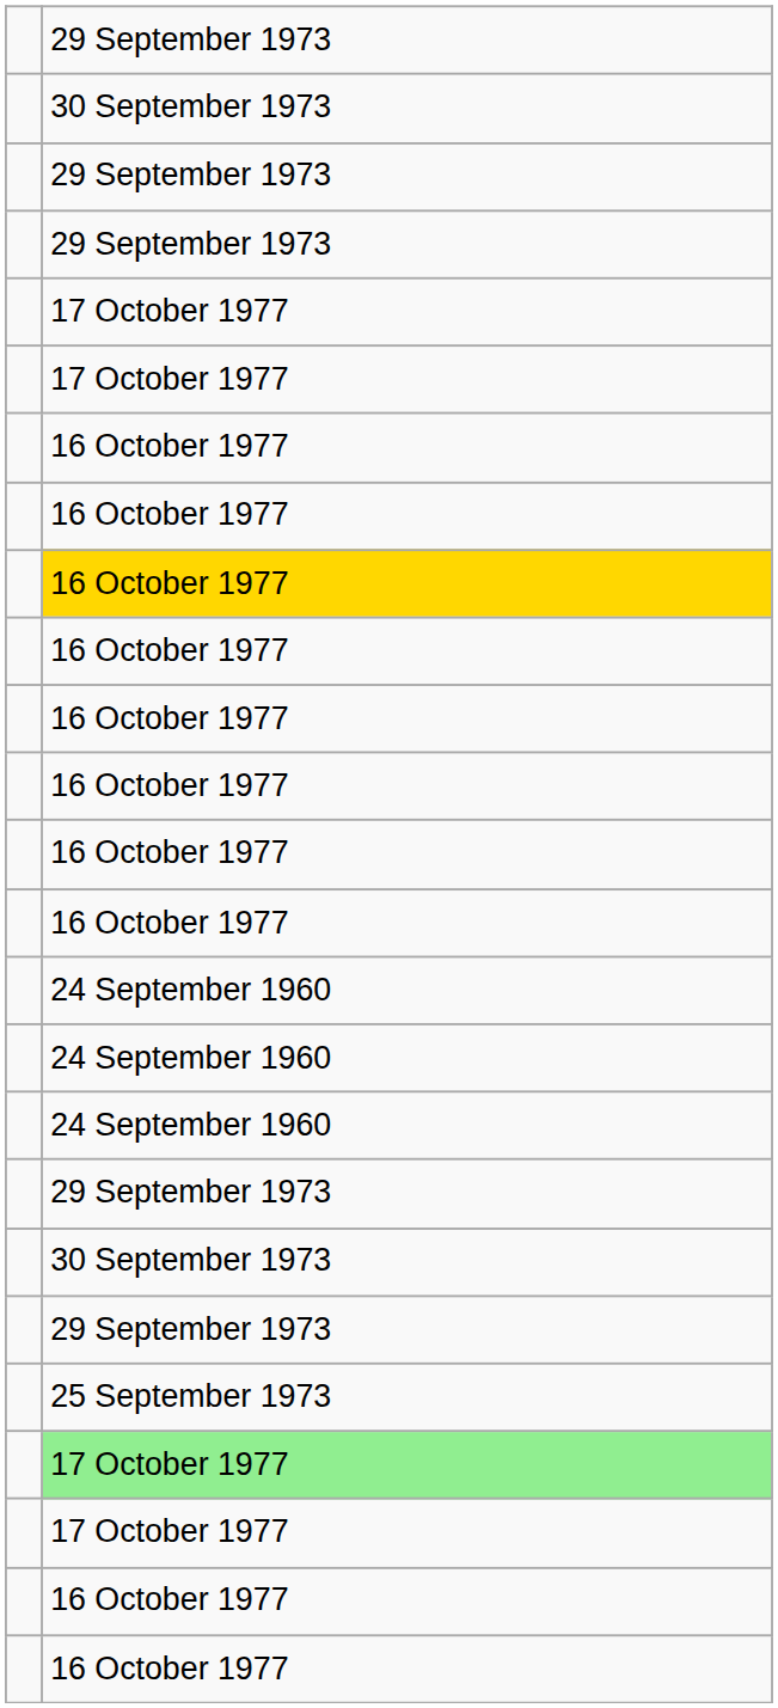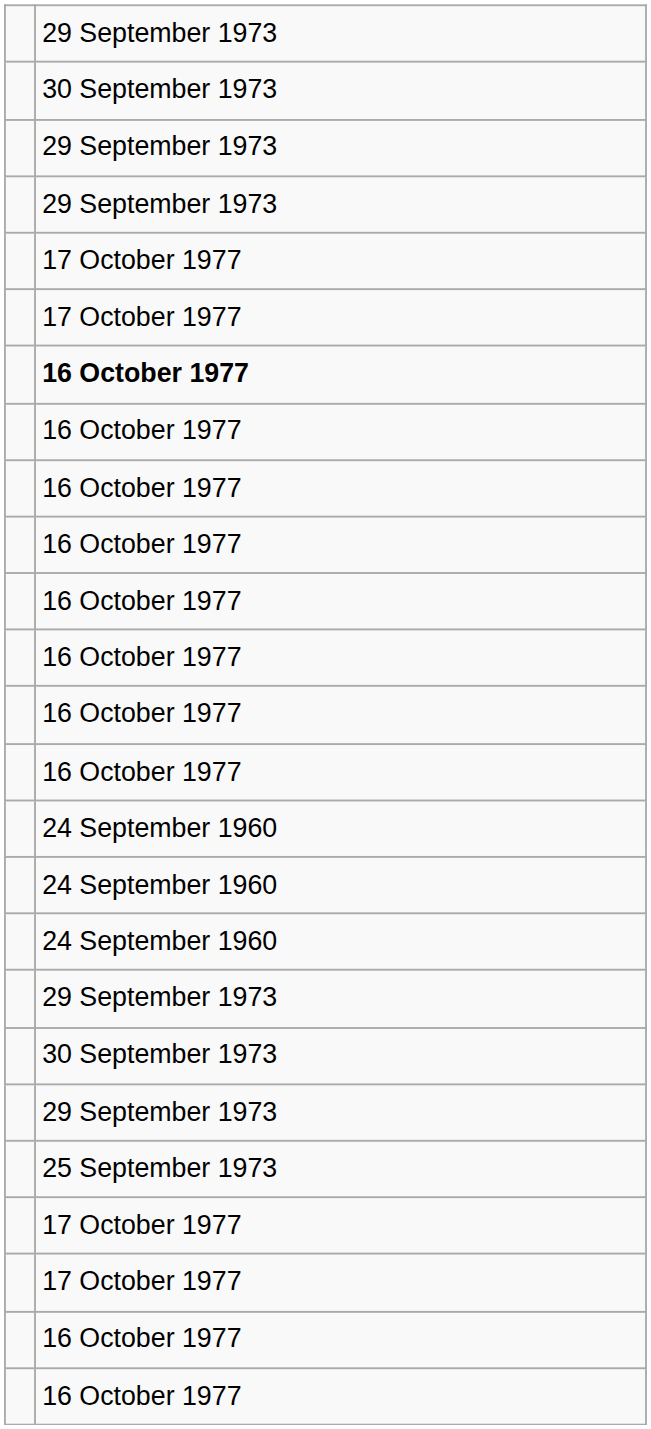 <table class="wikitable" style="font-size: 89%; float: left; width: 24em; margin-right: 1em; line-height: 1.65em">
 <tr>
 <td></td>
 <td>29 September 1973</td>
 </tr>
 <tr>
 <td></td>
 <td>30 September 1973</td>
 </tr>
 <tr>
 <td></td>
 <td>29 September 1973</td>
 </tr>
 <tr>
 <td></td>
 <td>29 September 1973</td>
 </tr>
 <tr>
 <td></td>
 <td>17 October 1977</td>
 </tr>
 <tr>
 <td></td>
 <td>17 October 1977</td>
 </tr>
 <tr>
 <td></td>
-<td>16 October 1977</td>
+<td><strong>16 October 1977</strong></td>
 </tr>
 <tr>
 <td></td>
 <td>16 October 1977</td>
 </tr>
 <tr>
 <td></td>
-<td style="background: gold;">16 October 1977</td>
+<td>16 October 1977</td>
 </tr>
 <tr>
 <td></td>
 <td>16 October 1977</td>
 </tr>
 <tr>
 <td></td>
 <td>16 October 1977</td>
 </tr>
 <tr>
 <td></td>
 <td>16 October 1977</td>
 </tr>
 <tr>
 <td></td>
 <td>16 October 1977</td>
 </tr>
 <tr>
 <td></td>
 <td>16 October 1977</td>
 </tr>
 <tr>
 <td></td>
 <td>24 September 1960</td>
 </tr>
 <tr>
 <td></td>
 <td>24 September 1960</td>
 </tr>
 <tr>
 <td></td>
 <td>24 September 1960</td>
 </tr>
 <tr>
 <td></td>
 <td>29 September 1973</td>
 </tr>
 <tr>
 <td></td>
 <td>30 September 1973</td>
 </tr>
 <tr>
 <td></td>
 <td>29 September 1973</td>
 </tr>
 <tr>
 <td></td>
 <td>25 September 1973</td>
 </tr>
 <tr>
 <td></td>
-<td style="background: lightgreen;">17 October 1977</td>
+<td>17 October 1977</td>
 </tr>
 <tr>
 <td></td>
 <td>17 October 1977</td>
 </tr>
 <tr>
 <td></td>
 <td>16 October 1977</td>
 </tr>
 <tr>
 <td></td>
 <td>16 October 1977</td>
 </tr>
 </table>
